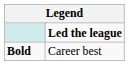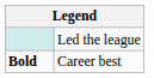 <table class="wikitable mw-collapsible">
 <tr>
 <th colspan="2">Legend</th>
 </tr>
 <tr>
 <td style="background:#cfecec; width:3em;"></td>
-<td><strong>Led the league</strong></td>
+<td>Led the league</td>
 </tr>
 <tr>
 <td style="width:3em;"><strong>Bold</strong></td>
 <td>Career best</td>
 </tr>
 </table>
